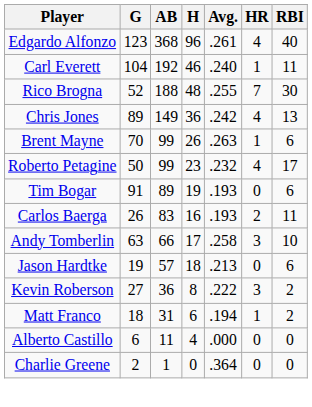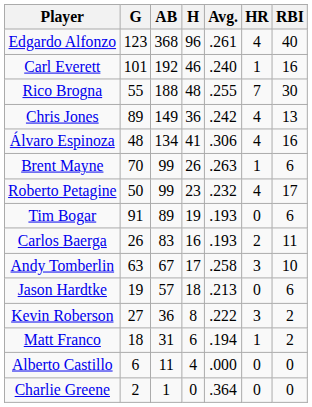 <table class="wikitable sortable">
 <tr>
 <th>Player</th>
 <th>G</th>
 <th>AB</th>
 <th>H</th>
 <th>Avg.</th>
 <th>HR</th>
 <th>RBI</th>
 </tr>
 <tr align=center>
 <td><a href='#'>Edgardo Alfonzo</a></td>
 <td>123</td>
 <td>368</td>
 <td>96</td>
 <td>.261</td>
 <td>4</td>
 <td>40</td>
 </tr>
 <tr align=center>
 <td><a href='#'>Carl Everett</a></td>
-<td>104</td>
+<td>101</td>
 <td>192</td>
 <td>46</td>
 <td>.240</td>
 <td>1</td>
-<td>11</td>
+<td>16</td>
 </tr>
 <tr align=center>
 <td><a href='#'>Rico Brogna</a></td>
-<td>52</td>
+<td>55</td>
 <td>188</td>
 <td>48</td>
 <td>.255</td>
 <td>7</td>
 <td>30</td>
 </tr>
 <tr align=center>
 <td><a href='#'>Chris Jones</a></td>
 <td>89</td>
 <td>149</td>
 <td>36</td>
 <td>.242</td>
 <td>4</td>
 <td>13</td>
+</tr>
+<tr align=center>
+<td><a href='#'>Álvaro Espinoza</a></td>
+<td>48</td>
+<td>134</td>
+<td>41</td>
+<td>.306</td>
+<td>4</td>
+<td>16</td>
 </tr>
 <tr align=center>
 <td><a href='#'>Brent Mayne</a></td>
 <td>70</td>
 <td>99</td>
 <td>26</td>
 <td>.263</td>
 <td>1</td>
 <td>6</td>
 </tr>
 <tr align=center>
 <td><a href='#'>Roberto Petagine</a></td>
 <td>50</td>
 <td>99</td>
 <td>23</td>
 <td>.232</td>
 <td>4</td>
 <td>17</td>
 </tr>
 <tr align=center>
 <td><a href='#'>Tim Bogar</a></td>
 <td>91</td>
 <td>89</td>
 <td>19</td>
 <td>.193</td>
 <td>0</td>
 <td>6</td>
 </tr>
 <tr align=center>
 <td><a href='#'>Carlos Baerga</a></td>
 <td>26</td>
 <td>83</td>
 <td>16</td>
 <td>.193</td>
 <td>2</td>
 <td>11</td>
 </tr>
 <tr align=center>
 <td><a href='#'>Andy Tomberlin</a></td>
 <td>63</td>
-<td>66</td>
+<td>67</td>
 <td>17</td>
 <td>.258</td>
 <td>3</td>
 <td>10</td>
 </tr>
 <tr align=center>
 <td><a href='#'>Jason Hardtke</a></td>
 <td>19</td>
 <td>57</td>
 <td>18</td>
 <td>.213</td>
 <td>0</td>
 <td>6</td>
 </tr>
 <tr align=center>
 <td><a href='#'>Kevin Roberson</a></td>
 <td>27</td>
 <td>36</td>
 <td>8</td>
 <td>.222</td>
 <td>3</td>
 <td>2</td>
 </tr>
 <tr align=center>
 <td><a href='#'>Matt Franco</a></td>
 <td>18</td>
 <td>31</td>
 <td>6</td>
 <td>.194</td>
 <td>1</td>
 <td>2</td>
 </tr>
 <tr align=center>
 <td><a href='#'>Alberto Castillo</a></td>
 <td>6</td>
 <td>11</td>
 <td>4</td>
 <td>.000</td>
 <td>0</td>
 <td>0</td>
 </tr>
 <tr align=center>
 <td><a href='#'>Charlie Greene</a></td>
 <td>2</td>
 <td>1</td>
 <td>0</td>
 <td>.364</td>
 <td>0</td>
 <td>0</td>
 </tr>
 </table>
